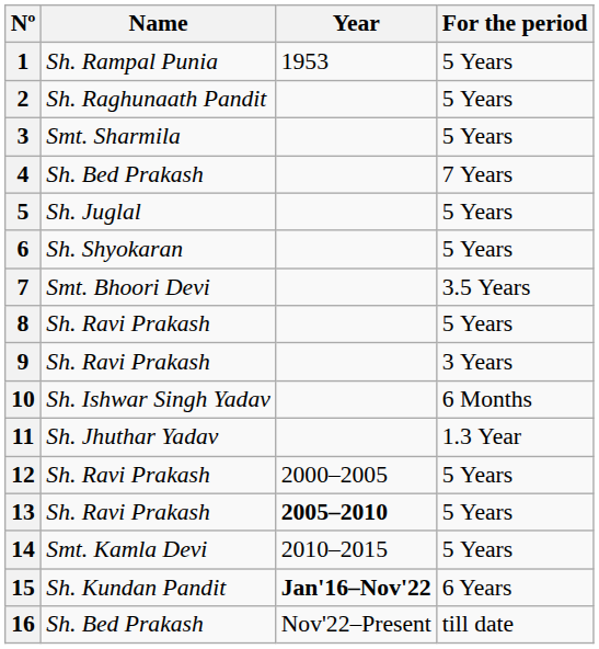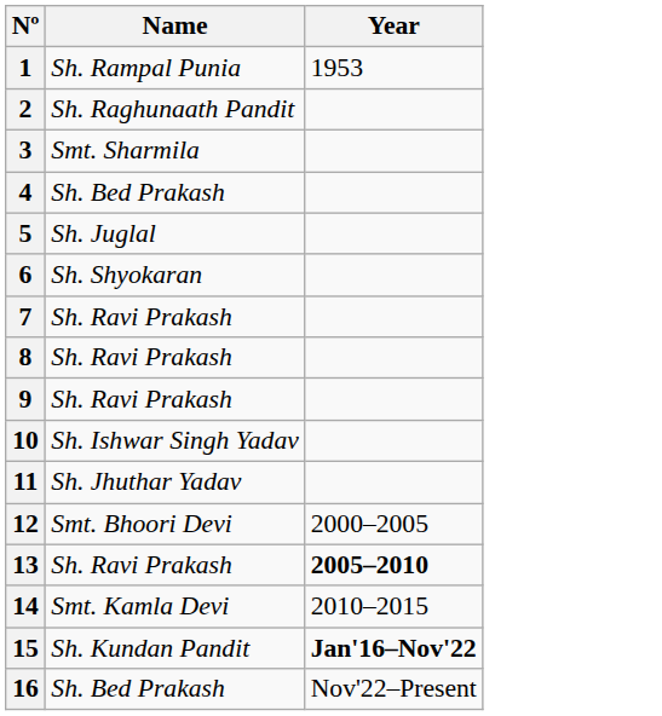 <table class="wikitable">
 <tr>
 <th>Nº</th>
 <th>Name</th>
 <th>Year</th>
-<th>For the period</th>
 </tr>
 <tr>
 <th style="background-color:">1</th>
 <td><em>Sh. Rampal Punia</em></td>
 <td>1953</td>
-<td>5 Years</td>
 </tr>
 <tr>
 <th style="background-color:">2</th>
 <td><em>Sh. Raghunaath Pandit</em></td>
 <td></td>
-<td>5 Years</td>
 </tr>
 <tr>
 <th style="background-color:">3</th>
 <td><em>Smt. Sharmila</em></td>
 <td></td>
-<td>5 Years</td>
 </tr>
 <tr>
 <th style="background-color:">4</th>
 <td><em>Sh. Bed Prakash</em></td>
 <td></td>
-<td>7 Years</td>
 </tr>
 <tr>
 <th style="background-color:">5</th>
 <td><em>Sh. Juglal</em></td>
 <td></td>
-<td>5 Years</td>
 </tr>
 <tr>
 <th style="background-color:">6</th>
 <td><em>Sh. Shyokaran</em></td>
 <td></td>
-<td>5 Years</td>
 </tr>
 <tr>
 <th style="background-color:">7</th>
-<td><em>Smt. Bhoori Devi</em></td>
+<td><em>Sh. Ravi Prakash</em></td>
 <td></td>
-<td>3.5 Years</td>
 </tr>
 <tr>
 <th style="background-color:">8</th>
 <td><em>Sh. Ravi Prakash</em></td>
 <td></td>
-<td>5 Years</td>
 </tr>
 <tr>
 <th style="background-color:">9</th>
 <td><em>Sh. Ravi Prakash</em></td>
 <td></td>
-<td>3 Years</td>
 </tr>
 <tr>
 <th style="background-color:">10</th>
 <td><em>Sh. Ishwar Singh Yadav</em></td>
 <td></td>
-<td>6 Months</td>
 </tr>
 <tr>
 <th style="background-color:">11</th>
 <td><em>Sh. Jhuthar Yadav</em></td>
 <td></td>
-<td>1.3 Year</td>
 </tr>
 <tr>
 <th style="background-color:">12</th>
-<td><em>Sh. Ravi Prakash</em></td>
+<td><em>Smt. Bhoori Devi</em></td>
 <td>2000–2005</td>
-<td>5 Years</td>
 </tr>
 <tr>
 <th style="background-color:">13</th>
 <td><em>Sh. Ravi Prakash</em></td>
 <td><strong>2005–2010</strong></td>
-<td>5 Years</td>
 </tr>
 <tr>
 <th style="background-color:">14</th>
 <td><em>Smt. Kamla Devi</em></td>
 <td>2010–2015</td>
-<td>5 Years</td>
 </tr>
 <tr>
 <th style="background-color:">15</th>
 <td><em>Sh. Kundan Pandit</em></td>
 <td><strong>Jan'16–Nov'22</strong></td>
-<td>6 Years</td>
 </tr>
 <tr>
 <th style="background-color:">16</th>
 <td><em>Sh. Bed Prakash</em></td>
 <td>Nov'22–Present</td>
-<td>till date</td>
 </tr>
 </table>
